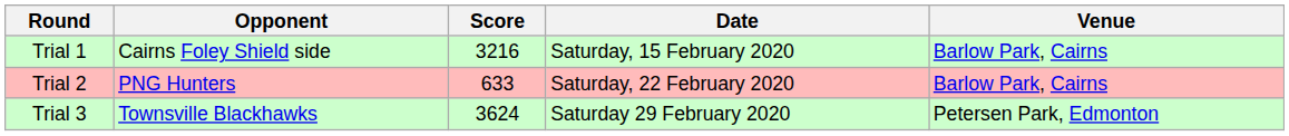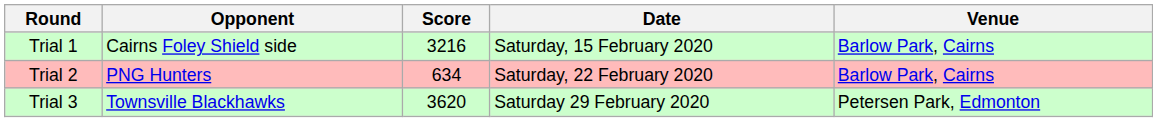 <table class="wikitable" style="font-size:85%; bgcolor:#d6d6d6; width:100%;">
 <tr>
 <th width="">Round</th>
 <th width="">Opponent</th>
 <th width="">Score</th>
 <th width="">Date</th>
 <th width="">Venue</th>
 </tr>
 <tr bgcolor=#CCFFCC>
 <td style="text-align:center;">Trial 1</td>
 <td> Cairns <a href='#'>Foley Shield</a> side</td>
 <td style="text-align:center;">3216</td>
 <td>Saturday, 15 February 2020</td>
 <td><a href='#'>Barlow Park</a>, <a href='#'>Cairns</a></td>
 </tr>
 <tr bgcolor=#FFBBBB>
 <td style="text-align:center;">Trial 2</td>
 <td> <a href='#'>PNG Hunters</a></td>
-<td style="text-align:center;">633</td>
+<td style="text-align:center;">634</td>
 <td>Saturday, 22 February 2020</td>
 <td><a href='#'>Barlow Park</a>, <a href='#'>Cairns</a></td>
 </tr>
 <tr bgcolor=CCFFCC>
 <td style="text-align:center;">Trial 3</td>
 <td> <a href='#'>Townsville Blackhawks</a></td>
-<td style="text-align:center;">3624</td>
+<td style="text-align:center;">3620</td>
 <td>Saturday 29 February 2020</td>
 <td>Petersen Park, <a href='#'>Edmonton</a></td>
 </tr>
 </table>
